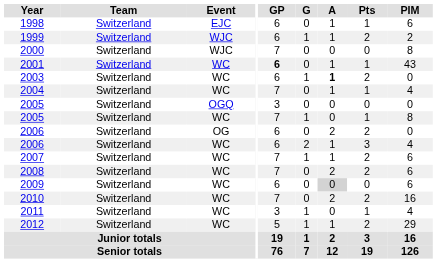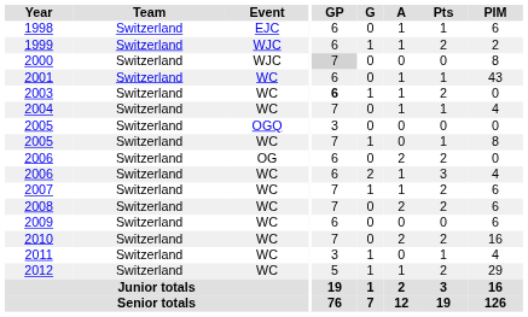 <table border="0" cellpadding="1" cellspacing="0" ID="Table3" style="text-align:center; width:40em">
 <tr bgcolor="#e0e0e0">
 <th>Year</th>
 <th>Team</th>
 <th>Event</th>
 <th rowspan="102" bgcolor="#ffffff"></th>
 <th>GP</th>
 <th>G</th>
 <th>A</th>
 <th>Pts</th>
 <th>PIM</th>
 </tr>
 <tr>
 <td><a href='#'>1998</a></td>
 <td><a href='#'>Switzerland</a></td>
 <td><a href='#'>EJC</a></td>
 <td>6</td>
 <td>0</td>
 <td>1</td>
 <td>1</td>
 <td>6</td>
 </tr>
 <tr bgcolor="#f0f0f0">
 <td><a href='#'>1999</a></td>
 <td><a href='#'>Switzerland</a></td>
 <td><a href='#'>WJC</a></td>
 <td>6</td>
 <td>1</td>
 <td>1</td>
 <td>2</td>
 <td>2</td>
 </tr>
 <tr>
 <td><a href='#'>2000</a></td>
 <td>Switzerland</td>
 <td>WJC</td>
-<td>7</td>
+<td style="background: lightgrey;">7</td>
 <td>0</td>
 <td>0</td>
 <td>0</td>
 <td>8</td>
 </tr>
 <tr bgcolor="#f0f0f0">
 <td><a href='#'>2001</a></td>
 <td><a href='#'>Switzerland</a></td>
 <td><a href='#'>WC</a></td>
-<td><strong>6</strong></td>
+<td>6</td>
 <td>0</td>
 <td>1</td>
 <td>1</td>
 <td>43</td>
 </tr>
 <tr>
 <td><a href='#'>2003</a></td>
 <td>Switzerland</td>
 <td>WC</td>
-<td>6</td>
+<td><strong>6</strong></td>
 <td>1</td>
-<td><strong>1</strong></td>
+<td>1</td>
 <td>2</td>
 <td>0</td>
 </tr>
 <tr bgcolor="#f0f0f0">
 <td><a href='#'>2004</a></td>
 <td>Switzerland</td>
 <td>WC</td>
 <td>7</td>
 <td>0</td>
 <td>1</td>
 <td>1</td>
 <td>4</td>
 </tr>
 <tr>
 <td><a href='#'>2005</a></td>
 <td>Switzerland</td>
 <td><a href='#'>OGQ</a></td>
 <td>3</td>
 <td>0</td>
 <td>0</td>
 <td>0</td>
 <td>0</td>
 </tr>
 <tr bgcolor="#f0f0f0">
 <td><a href='#'>2005</a></td>
 <td>Switzerland</td>
 <td>WC</td>
 <td>7</td>
 <td>1</td>
 <td>0</td>
 <td>1</td>
 <td>8</td>
 </tr>
 <tr>
 <td><a href='#'>2006</a></td>
 <td>Switzerland</td>
 <td>OG</td>
 <td>6</td>
 <td>0</td>
 <td>2</td>
 <td>2</td>
 <td>0</td>
 </tr>
 <tr bgcolor="#f0f0f0">
 <td><a href='#'>2006</a></td>
 <td>Switzerland</td>
 <td>WC</td>
 <td>6</td>
 <td>2</td>
 <td>1</td>
 <td>3</td>
 <td>4</td>
 </tr>
 <tr>
 <td><a href='#'>2007</a></td>
 <td>Switzerland</td>
 <td>WC</td>
 <td>7</td>
 <td>1</td>
 <td>1</td>
 <td>2</td>
 <td>6</td>
 </tr>
 <tr bgcolor="#f0f0f0">
 <td><a href='#'>2008</a></td>
 <td>Switzerland</td>
 <td>WC</td>
 <td>7</td>
 <td>0</td>
 <td>2</td>
 <td>2</td>
 <td>6</td>
 </tr>
 <tr>
 <td><a href='#'>2009</a></td>
 <td>Switzerland</td>
 <td>WC</td>
 <td>6</td>
 <td>0</td>
-<td style="background: lightgrey;">0</td>
+<td>0</td>
 <td>0</td>
 <td>6</td>
 </tr>
 <tr bgcolor="#f0f0f0">
 <td><a href='#'>2010</a></td>
 <td>Switzerland</td>
 <td>WC</td>
 <td>7</td>
 <td>0</td>
 <td>2</td>
 <td>2</td>
 <td>16</td>
 </tr>
 <tr>
 <td><a href='#'>2011</a></td>
 <td>Switzerland</td>
 <td>WC</td>
 <td>3</td>
 <td>1</td>
 <td>0</td>
 <td>1</td>
 <td>4</td>
 </tr>
 <tr bgcolor="#f0f0f0">
 <td><a href='#'>2012</a></td>
 <td>Switzerland</td>
 <td>WC</td>
 <td>5</td>
 <td>1</td>
 <td>1</td>
 <td>2</td>
 <td>29</td>
 </tr>
 <tr bgcolor="#e0e0e0">
 <th colspan="3">Junior totals</th>
 <th>19</th>
 <th>1</th>
 <th>2</th>
 <th>3</th>
 <th>16</th>
 </tr>
 <tr bgcolor="#e0e0e0">
 <th colspan="3">Senior totals</th>
 <th>76</th>
 <th>7</th>
 <th>12</th>
 <th>19</th>
 <th>126</th>
 </tr>
 </table>
